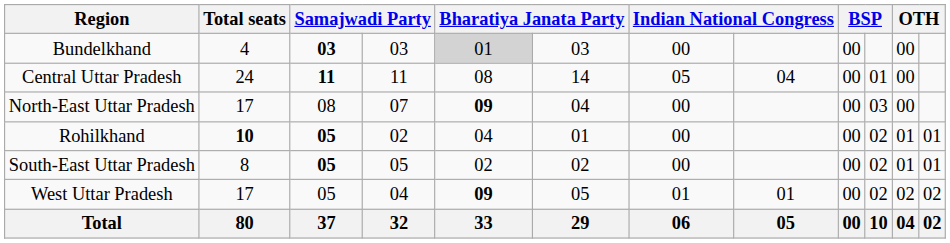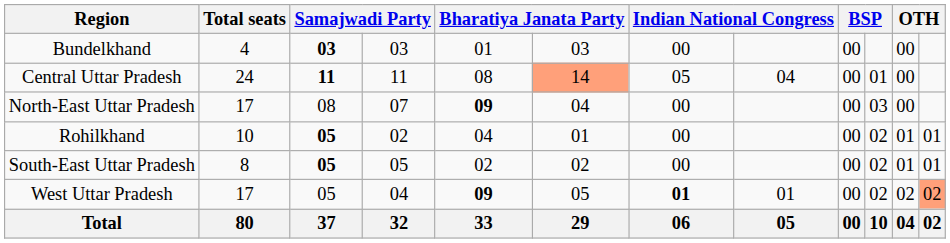 <table class="wikitable sortable" style="text-align:center;">
 <tr>
 <th>Region</th>
 <th>Total seats</th>
 <th colspan="2"><a href='#'>Samajwadi Party</a></th>
 <th colspan="2"><a href='#'>Bharatiya Janata Party</a></th>
 <th colspan="2"><a href='#'>Indian National Congress</a></th>
 <th colspan="2"><a href='#'>BSP</a></th>
 <th colspan="2">OTH</th>
 </tr>
 <tr>
 <td>Bundelkhand</td>
 <td>4</td>
 <td><strong>03</strong></td>
 <td> 03</td>
-<td style="background: lightgrey;">01</td>
+<td>01</td>
 <td> 03</td>
 <td>00</td>
 <td></td>
 <td>00</td>
 <td></td>
 <td>00</td>
 <td></td>
 </tr>
 <tr>
 <td>Central Uttar Pradesh</td>
 <td>24</td>
 <td><strong>11</strong></td>
 <td> 11</td>
 <td>08</td>
-<td> 14</td>
+<td style="background: lightsalmon;"> 14</td>
 <td>05</td>
 <td> 04</td>
 <td>00</td>
 <td> 01</td>
 <td>00</td>
 <td></td>
 </tr>
 <tr>
 <td>North-East Uttar Pradesh</td>
 <td>17</td>
 <td>08</td>
 <td> 07</td>
 <td><strong>09</strong></td>
 <td> 04</td>
 <td>00</td>
 <td></td>
 <td>00</td>
 <td> 03</td>
 <td>00</td>
 <td></td>
 </tr>
 <tr>
 <td>Rohilkhand</td>
-<td><strong>10</strong></td>
+<td>10</td>
 <td><strong>05</strong></td>
 <td> 02</td>
 <td>04</td>
 <td> 01</td>
 <td>00</td>
 <td></td>
 <td>00</td>
 <td> 02</td>
 <td>01</td>
 <td> 01</td>
 </tr>
 <tr>
 <td>South-East Uttar Pradesh</td>
 <td>8</td>
 <td><strong>05</strong></td>
 <td> 05</td>
 <td>02</td>
 <td> 02</td>
 <td>00</td>
 <td></td>
 <td>00</td>
 <td> 02</td>
 <td>01</td>
 <td> 01</td>
 </tr>
 <tr>
 <td>West Uttar Pradesh</td>
 <td>17</td>
 <td>05</td>
 <td> 04</td>
 <td><strong>09</strong></td>
 <td> 05</td>
-<td>01</td>
+<td><strong>01</strong></td>
 <td> 01</td>
 <td>00</td>
 <td> 02</td>
 <td>02</td>
-<td> 02</td>
+<td style="background: lightsalmon;"> 02</td>
 </tr>
 <tr>
 <th><strong>Total</strong></th>
 <th>80</th>
 <th>37</th>
 <th> 32</th>
 <th>33</th>
 <th> 29</th>
 <th>06</th>
 <th> 05</th>
 <th>00</th>
 <th> 10</th>
 <th>04</th>
 <th> 02</th>
 </tr>
 </table>
